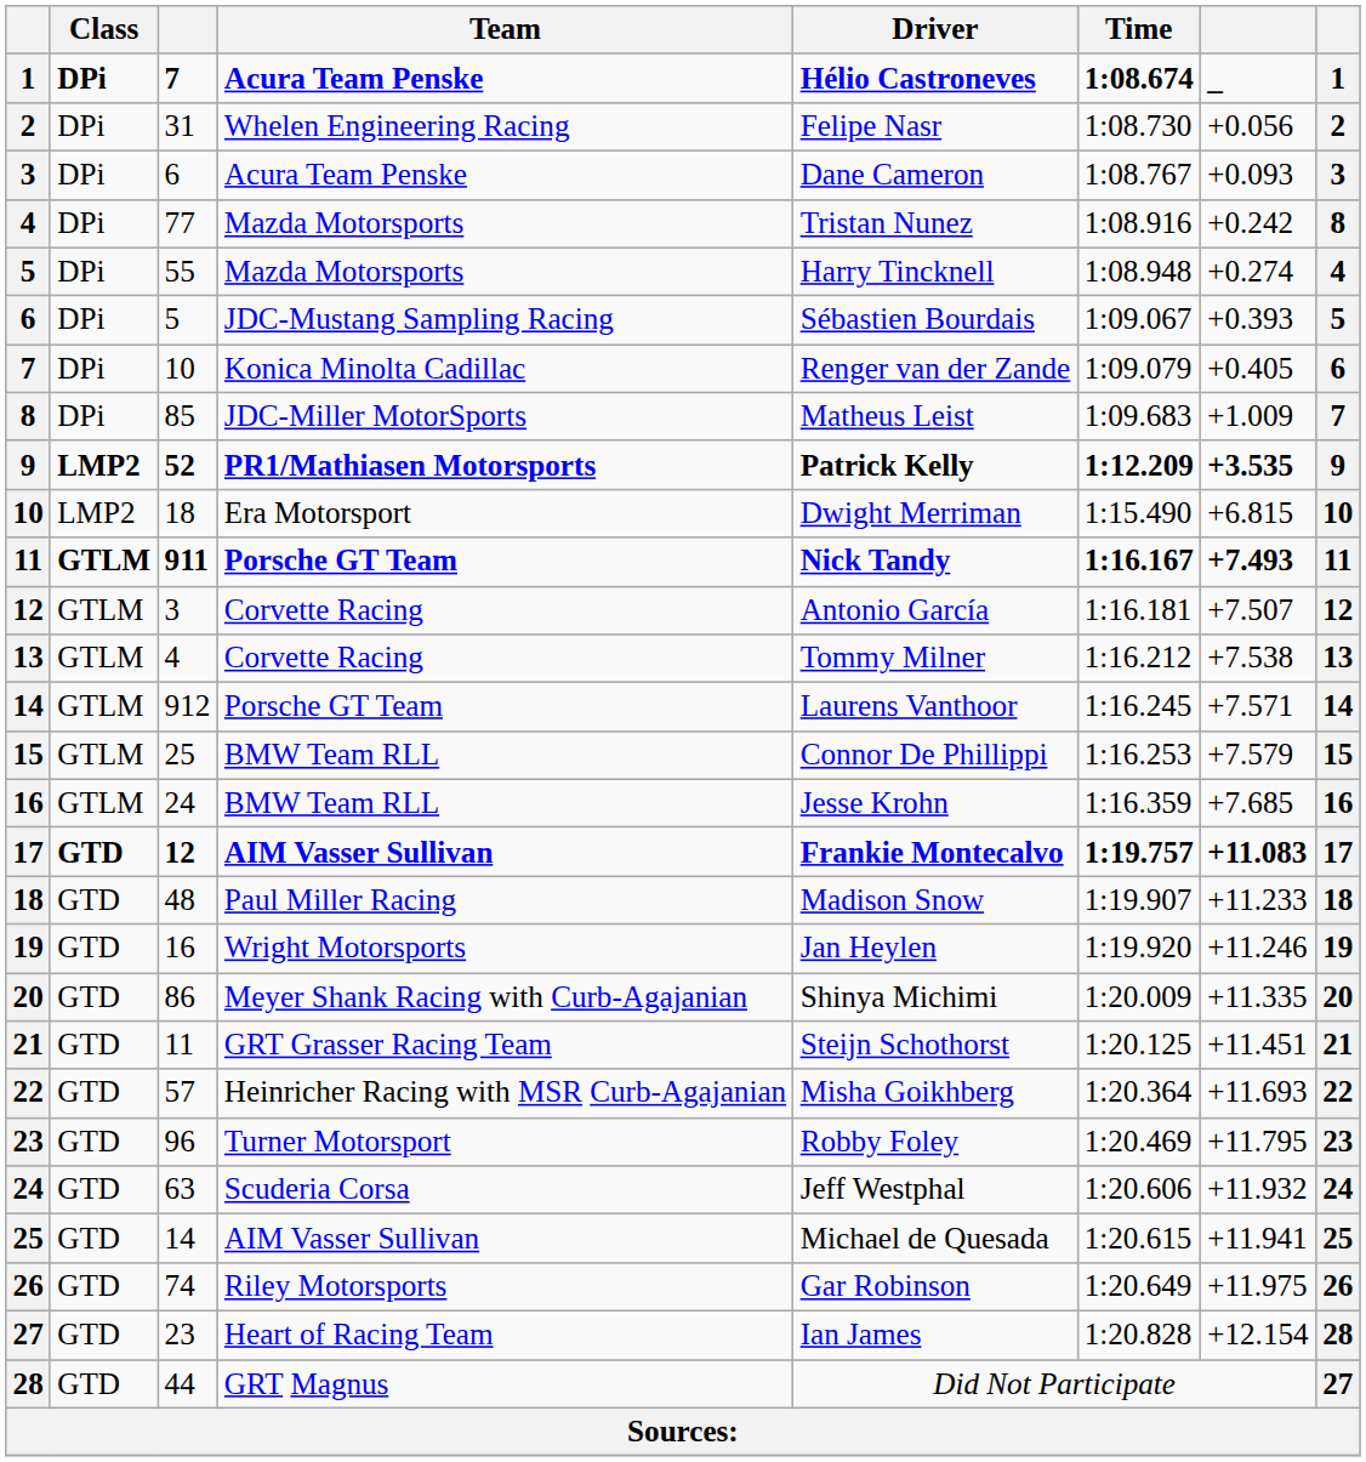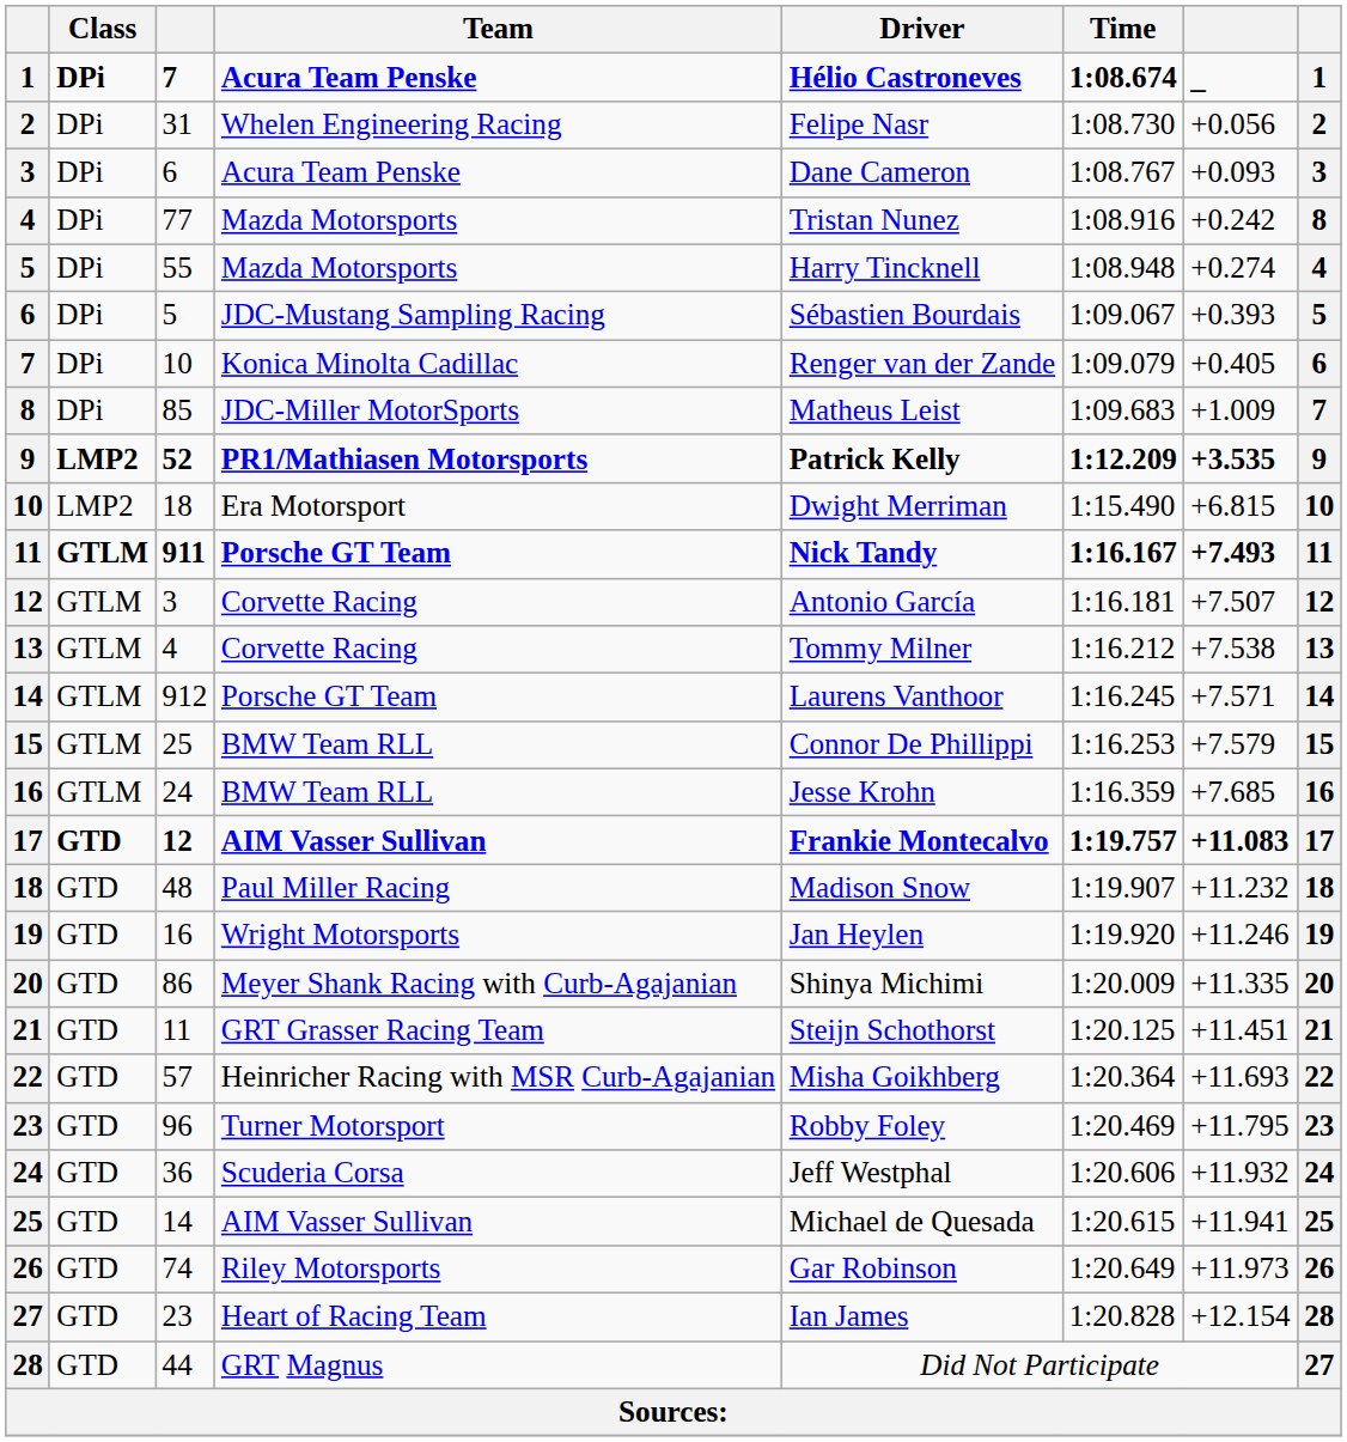 <table class="wikitable">
 <tr>
 <th scope="col"></th>
 <th scope="col">Class</th>
 <th scope="col"></th>
 <th scope="col">Team</th>
 <th scope="col">Driver</th>
 <th scope="col">Time</th>
 <th scope="col"></th>
 <th scope="col"></th>
 </tr>
 <tr style="font-weight:bold">
 <th scope="row">1</th>
 <td>DPi</td>
 <td>7</td>
 <td> <a href='#'>Acura Team Penske</a></td>
 <td> <a href='#'>Hélio Castroneves</a></td>
 <td>1:08.674</td>
 <td><strong>_</strong></td>
 <th><strong>1</strong></th>
 </tr>
 <tr>
 <th scope="row">2</th>
 <td>DPi</td>
 <td>31</td>
 <td> <a href='#'>Whelen Engineering Racing</a></td>
 <td> <a href='#'>Felipe Nasr</a></td>
 <td>1:08.730</td>
 <td>+0.056</td>
 <th>2</th>
 </tr>
 <tr>
 <th scope="row">3</th>
 <td>DPi</td>
 <td>6</td>
 <td> <a href='#'>Acura Team Penske</a></td>
 <td> <a href='#'>Dane Cameron</a></td>
 <td>1:08.767</td>
 <td>+0.093</td>
 <th>3</th>
 </tr>
 <tr>
 <th scope="row">4</th>
 <td>DPi</td>
 <td>77</td>
 <td> <a href='#'>Mazda Motorsports</a></td>
 <td> <a href='#'>Tristan Nunez</a></td>
 <td>1:08.916</td>
 <td>+0.242</td>
 <th>8</th>
 </tr>
 <tr>
 <th scope="row">5</th>
 <td>DPi</td>
 <td>55</td>
 <td> <a href='#'>Mazda Motorsports</a></td>
 <td> <a href='#'>Harry Tincknell</a></td>
 <td>1:08.948</td>
 <td>+0.274</td>
 <th>4</th>
 </tr>
 <tr>
 <th scope="row">6</th>
 <td>DPi</td>
 <td>5</td>
 <td> <a href='#'>JDC-Mustang Sampling Racing</a></td>
 <td> <a href='#'>Sébastien Bourdais</a></td>
 <td>1:09.067</td>
 <td>+0.393</td>
 <th>5</th>
 </tr>
 <tr>
 <th scope="row">7</th>
 <td>DPi</td>
 <td>10</td>
 <td> <a href='#'>Konica Minolta Cadillac</a></td>
 <td> <a href='#'>Renger van der Zande</a></td>
 <td>1:09.079</td>
 <td>+0.405</td>
 <th>6</th>
 </tr>
 <tr>
 <th scope="row">8</th>
 <td>DPi</td>
 <td>85</td>
 <td> <a href='#'>JDC-Miller MotorSports</a></td>
 <td> <a href='#'>Matheus Leist</a></td>
 <td>1:09.683</td>
 <td>+1.009</td>
 <th>7</th>
 </tr>
 <tr style="font-weight:bold">
 <th scope="row">9</th>
 <td>LMP2</td>
 <td>52</td>
 <td> <a href='#'>PR1/Mathiasen Motorsports</a></td>
 <td> Patrick Kelly</td>
 <td>1:12.209</td>
 <td>+3.535</td>
 <th><strong>9</strong></th>
 </tr>
 <tr>
 <th scope="row">10</th>
 <td>LMP2</td>
 <td>18</td>
 <td> Era Motorsport</td>
 <td> <a href='#'>Dwight Merriman</a></td>
 <td>1:15.490</td>
 <td>+6.815</td>
 <th>10</th>
 </tr>
 <tr style="font-weight:bold">
 <th scope="row">11</th>
 <td>GTLM</td>
 <td>911</td>
 <td> <a href='#'>Porsche GT Team</a></td>
 <td> <a href='#'>Nick Tandy</a></td>
 <td>1:16.167</td>
 <td>+7.493</td>
 <th><strong>11</strong></th>
 </tr>
 <tr>
 <th scope="row">12</th>
 <td>GTLM</td>
 <td>3</td>
 <td> <a href='#'>Corvette Racing</a></td>
 <td> <a href='#'>Antonio García</a></td>
 <td>1:16.181</td>
 <td>+7.507</td>
 <th>12</th>
 </tr>
 <tr>
 <th scope="row">13</th>
 <td>GTLM</td>
 <td>4</td>
 <td> <a href='#'>Corvette Racing</a></td>
 <td> <a href='#'>Tommy Milner</a></td>
 <td>1:16.212</td>
 <td>+7.538</td>
 <th>13</th>
 </tr>
 <tr>
 <th scope="row">14</th>
 <td>GTLM</td>
 <td>912</td>
 <td> <a href='#'>Porsche GT Team</a></td>
 <td> <a href='#'>Laurens Vanthoor</a></td>
 <td>1:16.245</td>
 <td>+7.571</td>
 <th>14</th>
 </tr>
 <tr>
 <th scope="row">15</th>
 <td>GTLM</td>
 <td>25</td>
 <td> <a href='#'>BMW Team RLL</a></td>
 <td> <a href='#'>Connor De Phillippi</a></td>
 <td>1:16.253</td>
 <td>+7.579</td>
 <th>15</th>
 </tr>
 <tr>
 <th scope="row">16</th>
 <td>GTLM</td>
 <td>24</td>
 <td> <a href='#'>BMW Team RLL</a></td>
 <td> <a href='#'>Jesse Krohn</a></td>
 <td>1:16.359</td>
 <td>+7.685</td>
 <th>16</th>
 </tr>
 <tr style="font-weight:bold">
 <th scope="row">17</th>
 <td>GTD</td>
 <td>12</td>
 <td> <a href='#'>AIM Vasser Sullivan</a></td>
 <td> <a href='#'>Frankie Montecalvo</a></td>
 <td>1:19.757</td>
 <td>+11.083</td>
 <th><strong>17</strong></th>
 </tr>
 <tr>
 <th scope="row">18</th>
 <td>GTD</td>
 <td>48</td>
 <td> <a href='#'>Paul Miller Racing</a></td>
 <td> <a href='#'>Madison Snow</a></td>
 <td>1:19.907</td>
-<td>+11.233</td>
+<td>+11.232</td>
 <th>18</th>
 </tr>
 <tr>
 <th scope="row">19</th>
 <td>GTD</td>
 <td>16</td>
 <td> <a href='#'>Wright Motorsports</a></td>
 <td> <a href='#'>Jan Heylen</a></td>
 <td>1:19.920</td>
 <td>+11.246</td>
 <th>19</th>
 </tr>
 <tr>
 <th scope="row">20</th>
 <td>GTD</td>
 <td>86</td>
 <td> <a href='#'>Meyer Shank Racing</a> with <a href='#'>Curb-Agajanian</a></td>
 <td> Shinya Michimi</td>
 <td>1:20.009</td>
 <td>+11.335</td>
 <th>20</th>
 </tr>
 <tr>
 <th scope="row">21</th>
 <td>GTD</td>
 <td>11</td>
 <td> <a href='#'>GRT Grasser Racing Team</a></td>
 <td> <a href='#'>Steijn Schothorst</a></td>
 <td>1:20.125</td>
 <td>+11.451</td>
 <th>21</th>
 </tr>
 <tr>
 <th scope="row">22</th>
 <td>GTD</td>
 <td>57</td>
 <td> Heinricher Racing with <a href='#'>MSR</a> <a href='#'>Curb-Agajanian</a></td>
 <td> <a href='#'>Misha Goikhberg</a></td>
 <td>1:20.364</td>
 <td>+11.693</td>
 <th>22</th>
 </tr>
 <tr>
 <th scope="row">23</th>
 <td>GTD</td>
 <td>96</td>
 <td> <a href='#'>Turner Motorsport</a></td>
 <td> <a href='#'>Robby Foley</a></td>
 <td>1:20.469</td>
 <td>+11.795</td>
 <th>23</th>
 </tr>
 <tr>
 <th scope="row">24</th>
 <td>GTD</td>
-<td>63</td>
+<td>36</td>
 <td> <a href='#'>Scuderia Corsa</a></td>
 <td> Jeff Westphal</td>
 <td>1:20.606</td>
 <td>+11.932</td>
 <th>24</th>
 </tr>
 <tr>
 <th scope="row">25</th>
 <td>GTD</td>
 <td>14</td>
 <td> <a href='#'>AIM Vasser Sullivan</a></td>
 <td> Michael de Quesada</td>
 <td>1:20.615</td>
 <td>+11.941</td>
 <th>25</th>
 </tr>
 <tr>
 <th scope="row">26</th>
 <td>GTD</td>
 <td>74</td>
 <td> <a href='#'>Riley Motorsports</a></td>
 <td> <a href='#'>Gar Robinson</a></td>
 <td>1:20.649</td>
-<td>+11.975</td>
+<td>+11.973</td>
 <th>26</th>
 </tr>
 <tr>
 <th scope="row">27</th>
 <td>GTD</td>
 <td>23</td>
 <td> <a href='#'>Heart of Racing Team</a></td>
 <td> <a href='#'>Ian James</a></td>
 <td>1:20.828</td>
 <td>+12.154</td>
 <th>28</th>
 </tr>
 <tr>
 <th scope="row">28</th>
 <td>GTD</td>
 <td>44</td>
 <td> <a href='#'>GRT</a> <a href='#'>Magnus</a></td>
 <td colspan=3 align=center><em>Did Not Participate</em></td>
 <th>27</th>
 </tr>
 <tr>
 <th colspan="8">Sources:</th>
 </tr>
 <tr>
 </tr>
 </table>
